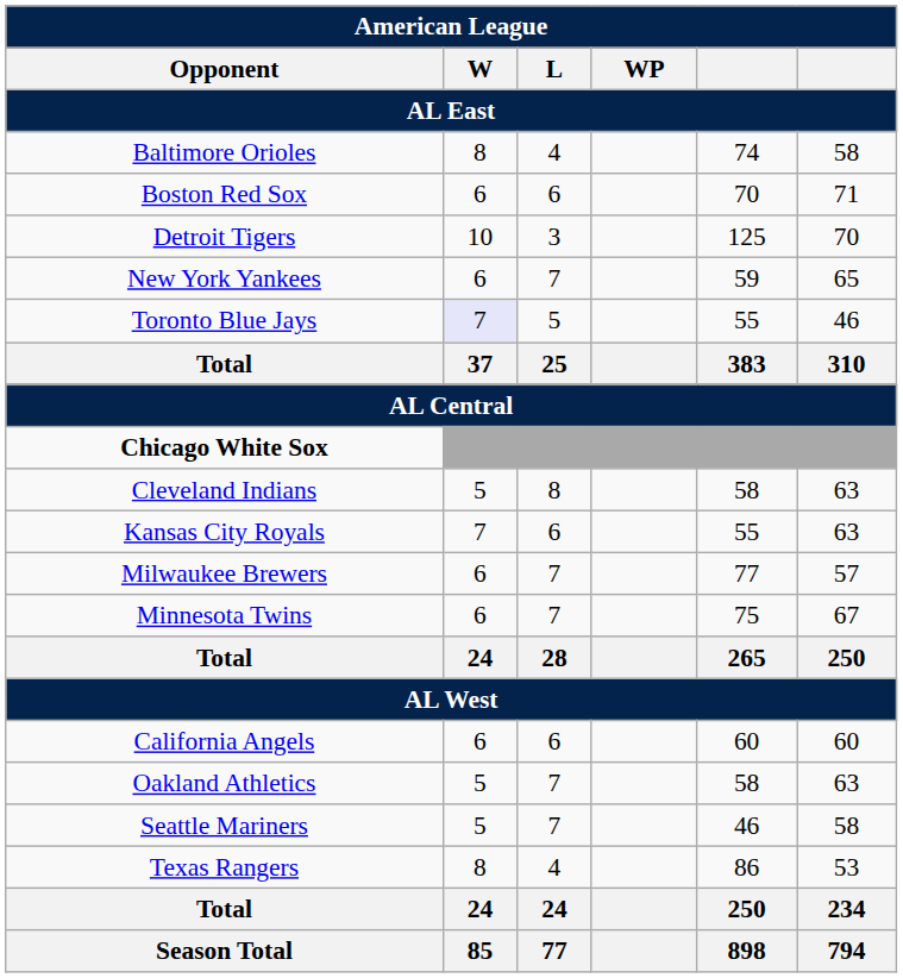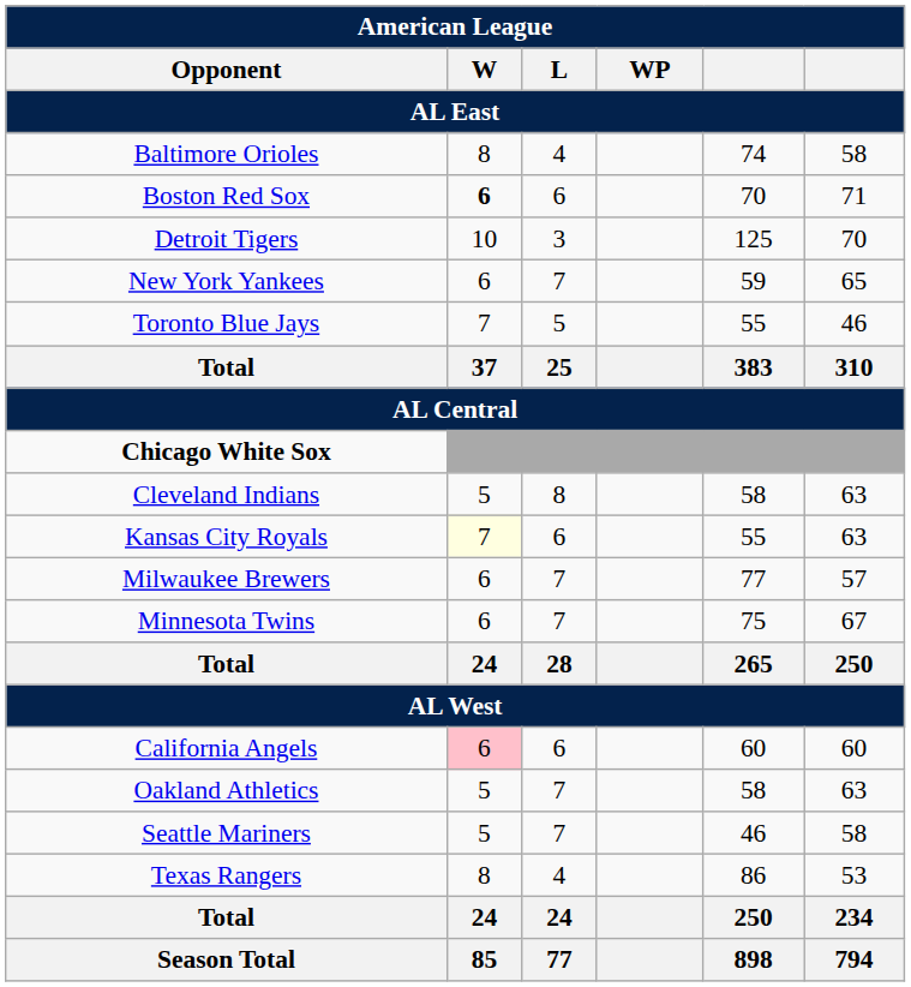 <table class="wikitable" style="font-size:95%; text-align:center; width:35em;">
 <tr>
 <th colspan="7" style="background:#03224c; color:#ffffff;">American League</th>
 </tr>
 <tr>
 <th>Opponent</th>
 <th>W</th>
 <th>L</th>
 <th>WP</th>
 <th></th>
 <th></th>
 </tr>
 <tr>
 <th colspan="7" style="background:#03224c; color:#ffffff;">AL East</th>
 </tr>
 <tr>
 <td><a href='#'>Baltimore Orioles</a></td>
 <td>8</td>
 <td>4</td>
 <td></td>
 <td>74</td>
 <td>58</td>
 </tr>
 <tr>
 <td><a href='#'>Boston Red Sox</a></td>
-<td>6</td>
+<td><strong>6</strong></td>
 <td>6</td>
 <td></td>
 <td>70</td>
 <td>71</td>
 </tr>
 <tr>
 <td><a href='#'>Detroit Tigers</a></td>
 <td>10</td>
 <td>3</td>
 <td></td>
 <td>125</td>
 <td>70</td>
 </tr>
 <tr>
 <td><a href='#'>New York Yankees</a></td>
 <td>6</td>
 <td>7</td>
 <td></td>
 <td>59</td>
 <td>65</td>
 </tr>
 <tr>
 <td><a href='#'>Toronto Blue Jays</a></td>
-<td style="background: lavender;">7</td>
+<td>7</td>
 <td>5</td>
 <td></td>
 <td>55</td>
 <td>46</td>
 </tr>
 <tr>
 <th>Total</th>
 <th>37</th>
 <th>25</th>
 <th></th>
 <th>383</th>
 <th>310</th>
 </tr>
 <tr>
 <th colspan="7" style="background:#03224c; color:#ffffff;">AL Central</th>
 </tr>
 <tr>
 <td><strong>Chicago White Sox</strong></td>
 <td colspan=5 style="background:darkgray;"></td>
 </tr>
 <tr>
 <td><a href='#'>Cleveland Indians</a></td>
 <td>5</td>
 <td>8</td>
 <td></td>
 <td>58</td>
 <td>63</td>
 </tr>
 <tr>
 <td><a href='#'>Kansas City Royals</a></td>
-<td>7</td>
+<td style="background: lightyellow;">7</td>
 <td>6</td>
 <td></td>
 <td>55</td>
 <td>63</td>
 </tr>
 <tr>
 <td><a href='#'>Milwaukee Brewers</a></td>
 <td>6</td>
 <td>7</td>
 <td></td>
 <td>77</td>
 <td>57</td>
 </tr>
 <tr>
 <td><a href='#'>Minnesota Twins</a></td>
 <td>6</td>
 <td>7</td>
 <td></td>
 <td>75</td>
 <td>67</td>
 </tr>
 <tr>
 <th>Total</th>
 <th>24</th>
 <th>28</th>
 <th></th>
 <th>265</th>
 <th>250</th>
 </tr>
 <tr>
 <th colspan="7" style="background:#03224c; color:#ffffff;">AL West</th>
 </tr>
 <tr>
 <td><a href='#'>California Angels</a></td>
-<td>6</td>
+<td style="background: pink;">6</td>
 <td>6</td>
 <td></td>
 <td>60</td>
 <td>60</td>
 </tr>
 <tr>
 <td><a href='#'>Oakland Athletics</a></td>
 <td>5</td>
 <td>7</td>
 <td></td>
 <td>58</td>
 <td>63</td>
 </tr>
 <tr>
 <td><a href='#'>Seattle Mariners</a></td>
 <td>5</td>
 <td>7</td>
 <td></td>
 <td>46</td>
 <td>58</td>
 </tr>
 <tr>
 <td><a href='#'>Texas Rangers</a></td>
 <td>8</td>
 <td>4</td>
 <td></td>
 <td>86</td>
 <td>53</td>
 </tr>
 <tr>
 <th>Total</th>
 <th>24</th>
 <th>24</th>
 <th></th>
 <th>250</th>
 <th>234</th>
 </tr>
 <tr>
 <th>Season Total</th>
 <th>85</th>
 <th>77</th>
 <th></th>
 <th>898</th>
 <th>794</th>
 </tr>
 </table>
